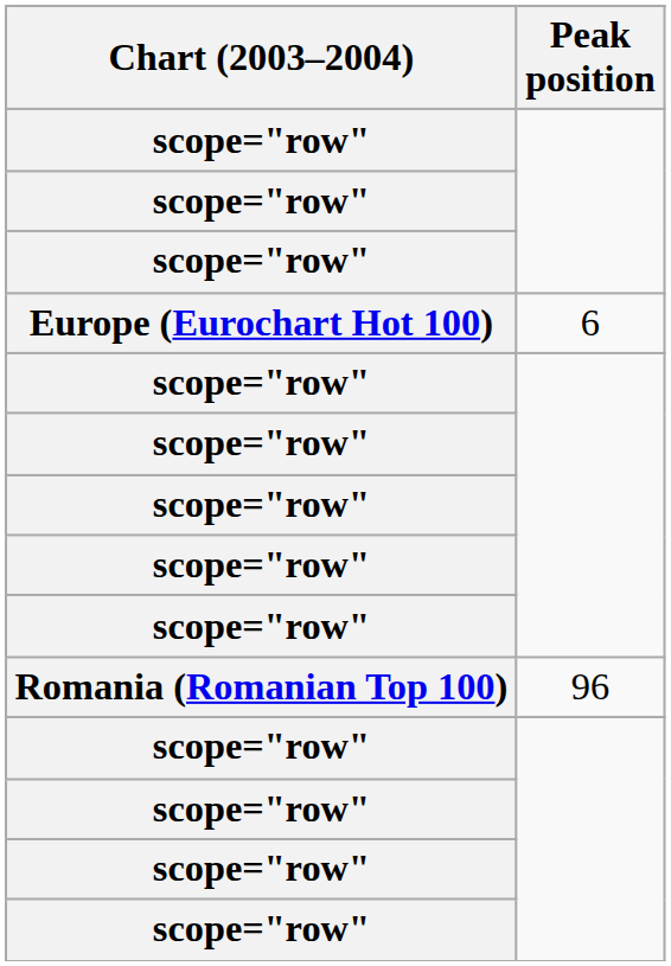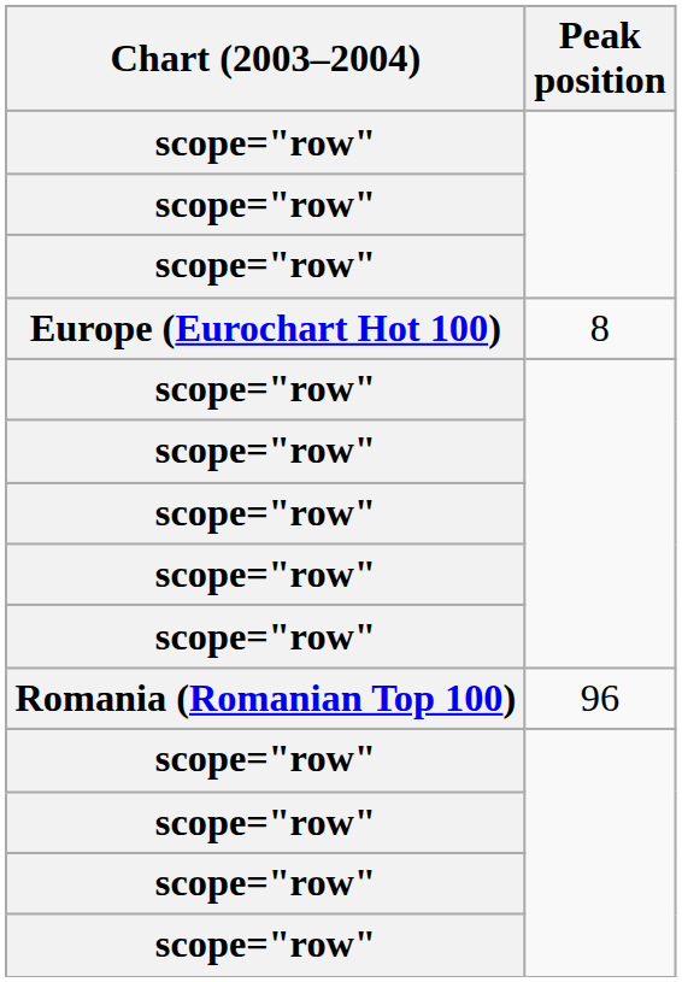 <table class="wikitable sortable plainrowheaders">
 <tr>
 <th>Chart (2003–2004)</th>
 <th>Peak<br>position</th>
 </tr>
 <tr>
 <th>scope="row"</th>
 </tr>
 <tr>
 <th>scope="row"</th>
 </tr>
 <tr>
 <th>scope="row"</th>
 </tr>
 <tr>
 <th scope="row">Europe (<a href='#'>Eurochart Hot 100</a>)</th>
-<td align="center">6</td>
+<td align="center">8</td>
 </tr>
 <tr>
 <th>scope="row"</th>
 </tr>
 <tr>
 <th>scope="row"</th>
 </tr>
 <tr>
 <th>scope="row"</th>
 </tr>
 <tr>
 <th>scope="row"</th>
 </tr>
 <tr>
 <th>scope="row"</th>
 </tr>
 <tr>
 <th scope="row">Romania (<a href='#'>Romanian Top 100</a>)</th>
 <td align="center">96</td>
 </tr>
 <tr>
 <th>scope="row"</th>
 </tr>
 <tr>
 <th>scope="row"</th>
 </tr>
 <tr>
 <th>scope="row"</th>
 </tr>
 <tr>
 <th>scope="row"</th>
 </tr>
 </table>
